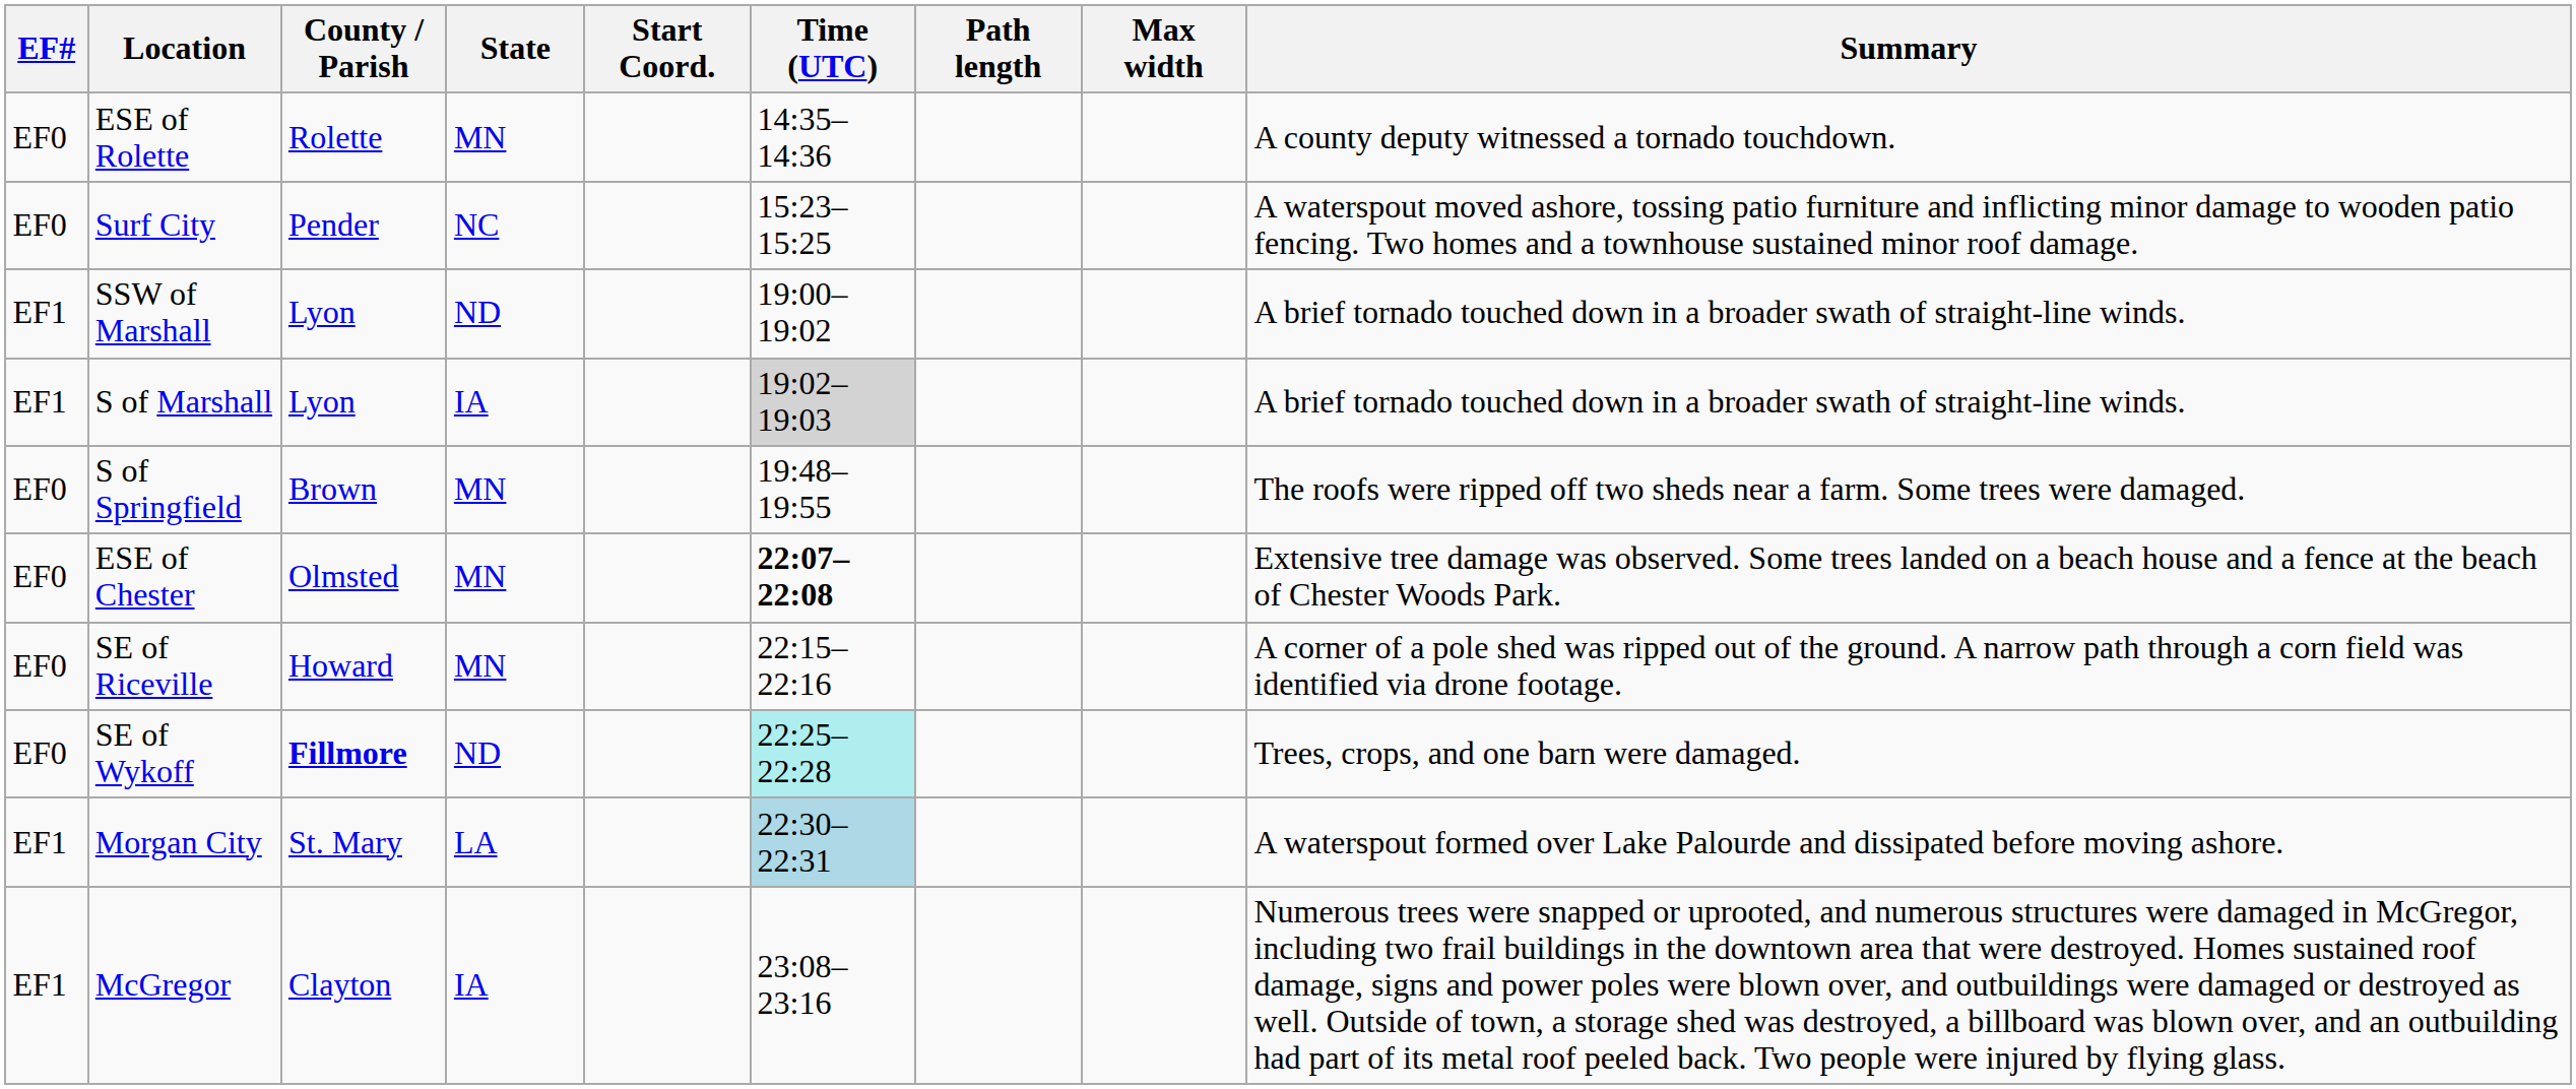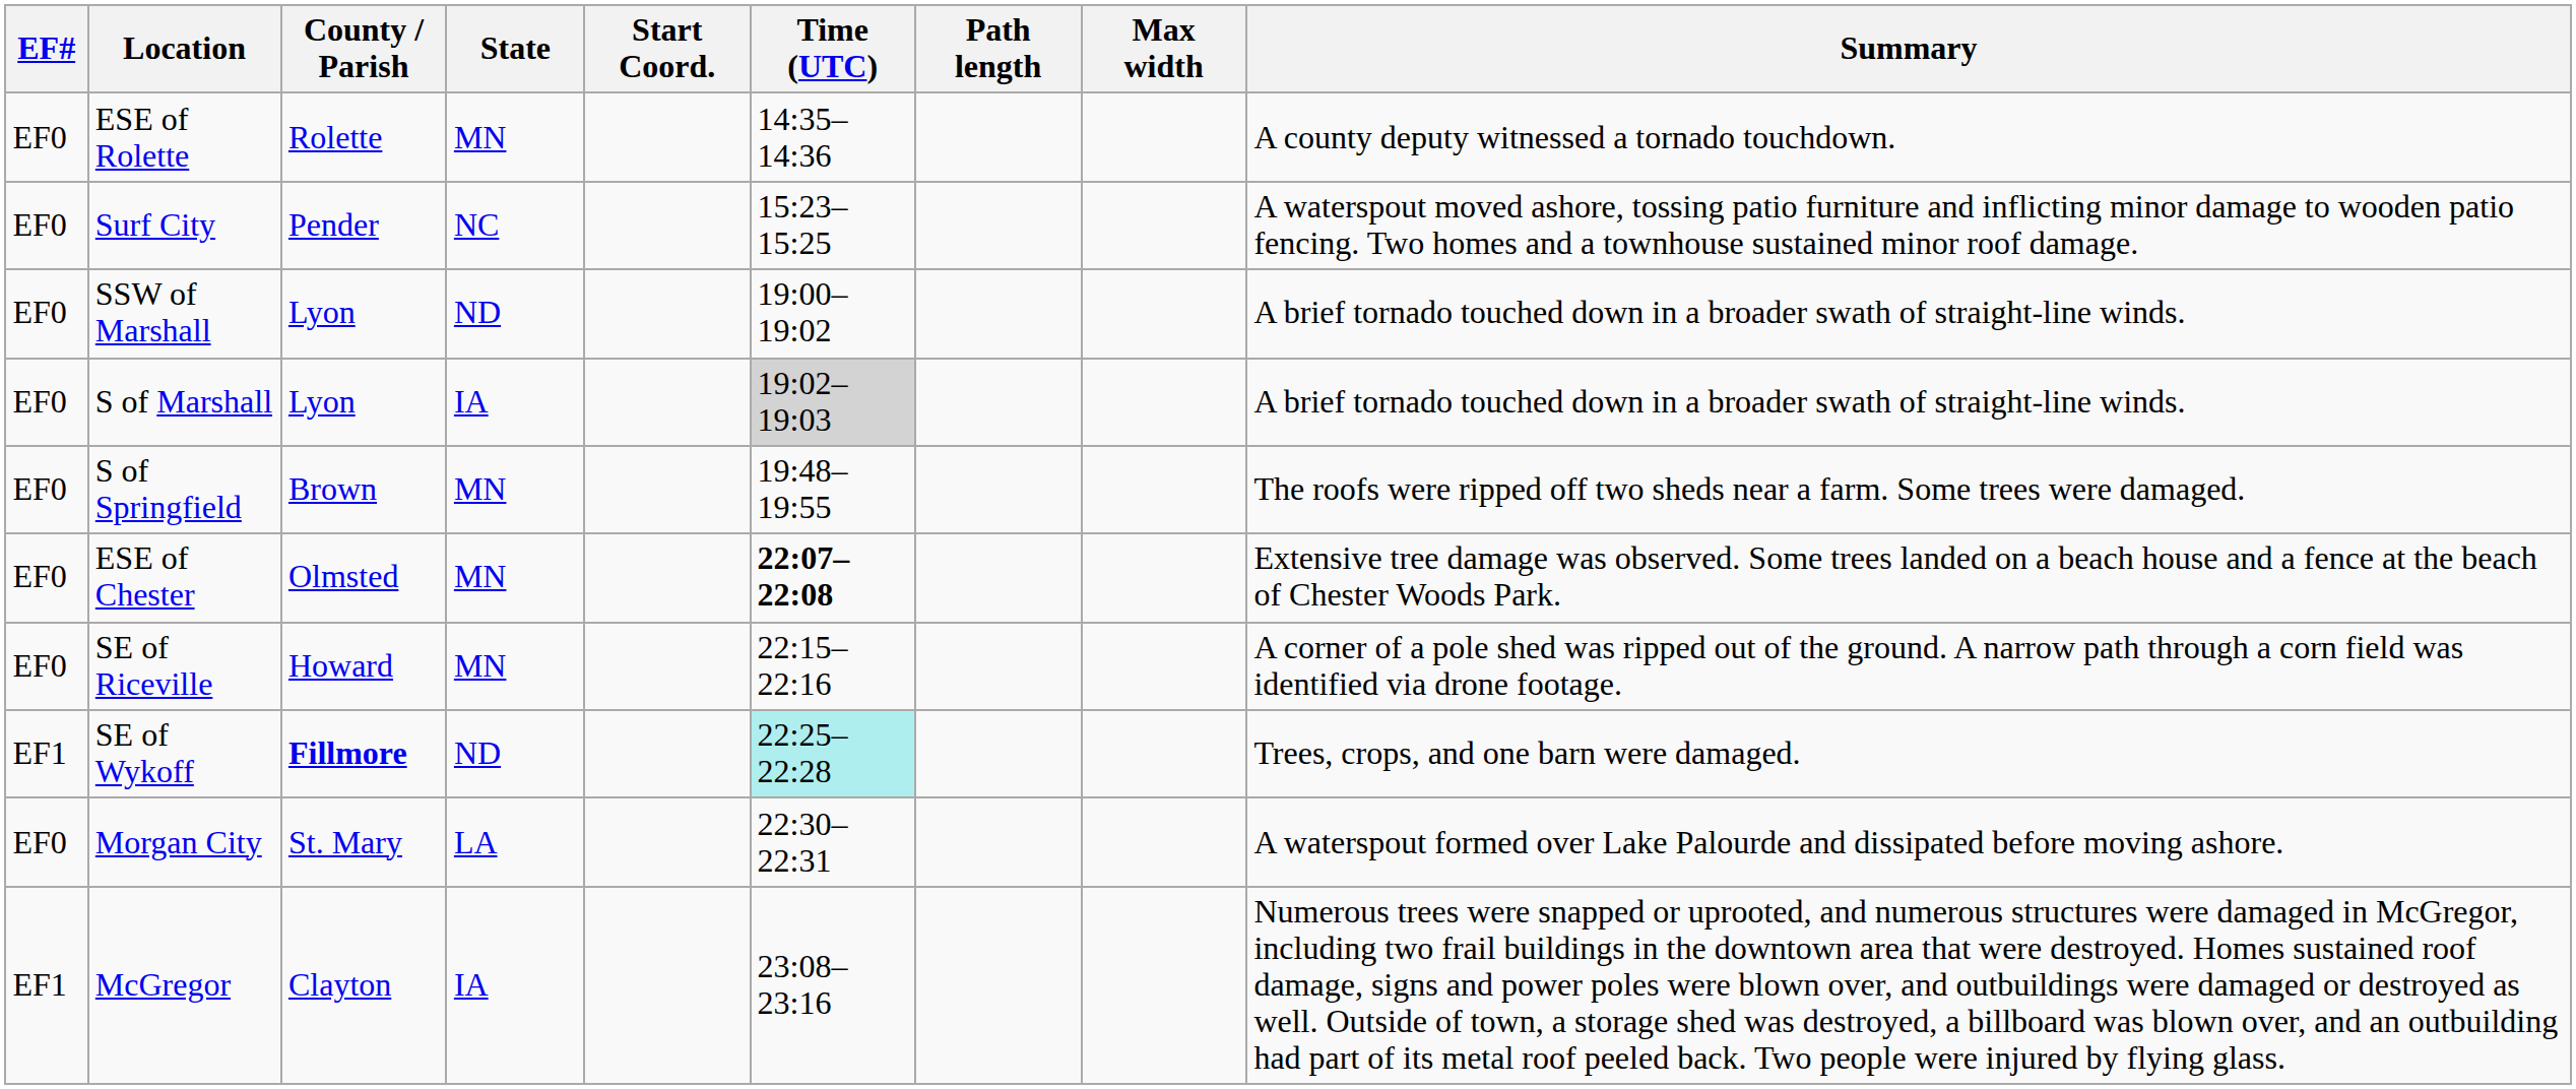 <table class="wikitable sortable" style="width:100%;">
 <tr>
 <th scope="col"  style="width:3%; text-align:center;"><a href='#'>EF#</a></th>
 <th scope="col"  style="width:7%; text-align:center;" class="unsortable">Location</th>
 <th scope="col"  style="width:6%; text-align:center;" class="unsortable">County / Parish</th>
 <th scope="col"  style="width:5%; text-align:center;">State</th>
 <th scope="col"  style="width:6%; text-align:center;">Start Coord.</th>
 <th scope="col"  style="width:6%; text-align:center;">Time (<a href='#'>UTC</a>)</th>
 <th scope="col"  style="width:6%; text-align:center;">Path length</th>
 <th scope="col"  style="width:6%; text-align:center;">Max width</th>
 <th scope="col" class="unsortable" style="width:48%; text-align:center;">Summary</th>
 </tr>
 <tr>
 <td>EF0</td>
 <td>ESE of <a href='#'>Rolette</a></td>
 <td><a href='#'>Rolette</a></td>
 <td><a href='#'>MN</a></td>
 <td></td>
 <td>14:35–14:36</td>
 <td></td>
 <td></td>
 <td>A county deputy witnessed a tornado touchdown.</td>
 </tr>
 <tr>
 <td>EF0</td>
 <td><a href='#'>Surf City</a></td>
 <td><a href='#'>Pender</a></td>
 <td><a href='#'>NC</a></td>
 <td></td>
 <td>15:23–15:25</td>
 <td></td>
 <td></td>
 <td>A waterspout moved ashore, tossing patio furniture and inflicting minor damage to wooden patio fencing. Two homes and a townhouse sustained minor roof damage.</td>
 </tr>
 <tr>
-<td>EF1</td>
+<td>EF0</td>
 <td>SSW of <a href='#'>Marshall</a></td>
 <td><a href='#'>Lyon</a></td>
 <td><a href='#'>ND</a></td>
 <td></td>
 <td>19:00–19:02</td>
 <td></td>
 <td></td>
 <td>A brief tornado touched down in a broader swath of straight-line winds.</td>
 </tr>
 <tr>
-<td>EF1</td>
+<td>EF0</td>
 <td>S of <a href='#'>Marshall</a></td>
 <td><a href='#'>Lyon</a></td>
 <td><a href='#'>IA</a></td>
 <td></td>
 <td style="background: lightgrey;">19:02–19:03</td>
 <td></td>
 <td></td>
 <td>A brief tornado touched down in a broader swath of straight-line winds.</td>
 </tr>
 <tr>
 <td>EF0</td>
 <td>S of <a href='#'>Springfield</a></td>
 <td><a href='#'>Brown</a></td>
 <td><a href='#'>MN</a></td>
 <td></td>
 <td>19:48–19:55</td>
 <td></td>
 <td></td>
 <td>The roofs were ripped off two sheds near a farm. Some trees were damaged.</td>
 </tr>
 <tr>
 <td>EF0</td>
 <td>ESE of <a href='#'>Chester</a></td>
 <td><a href='#'>Olmsted</a></td>
 <td><a href='#'>MN</a></td>
 <td></td>
 <td><strong>22:07–22:08</strong></td>
 <td></td>
 <td></td>
 <td>Extensive tree damage was observed. Some trees landed on a beach house and a fence at the beach of Chester Woods Park.</td>
 </tr>
 <tr>
 <td>EF0</td>
 <td>SE of <a href='#'>Riceville</a></td>
 <td><a href='#'>Howard</a></td>
 <td><a href='#'>MN</a></td>
 <td></td>
 <td>22:15–22:16</td>
 <td></td>
 <td></td>
 <td>A corner of a pole shed was ripped out of the ground. A narrow path through a corn field was identified via drone footage.</td>
 </tr>
 <tr>
-<td>EF0</td>
+<td>EF1</td>
 <td>SE of <a href='#'>Wykoff</a></td>
 <td><strong><a href='#'>Fillmore</a></strong></td>
 <td><a href='#'>ND</a></td>
 <td></td>
 <td style="background: paleturquoise;">22:25–22:28</td>
 <td></td>
 <td></td>
 <td>Trees, crops, and one barn were damaged.</td>
 </tr>
 <tr>
-<td>EF1</td>
+<td>EF0</td>
 <td><a href='#'>Morgan City</a></td>
 <td><a href='#'>St. Mary</a></td>
 <td><a href='#'>LA</a></td>
 <td></td>
-<td style="background: lightblue;">22:30–22:31</td>
+<td>22:30–22:31</td>
 <td></td>
 <td></td>
 <td>A waterspout formed over Lake Palourde and dissipated before moving ashore.</td>
 </tr>
 <tr>
 <td>EF1</td>
 <td><a href='#'>McGregor</a></td>
 <td><a href='#'>Clayton</a></td>
 <td><a href='#'>IA</a></td>
 <td></td>
 <td>23:08–23:16</td>
 <td></td>
 <td></td>
 <td>Numerous trees were snapped or uprooted, and numerous structures were damaged in McGregor, including two frail buildings in the downtown area that were destroyed. Homes sustained roof damage, signs and power poles were blown over, and outbuildings were damaged or destroyed as well. Outside of town, a storage shed was destroyed, a billboard was blown over, and an outbuilding had part of its metal roof peeled back. Two people were injured by flying glass.</td>
 </tr>
 <tr>
 </tr>
 </table>
